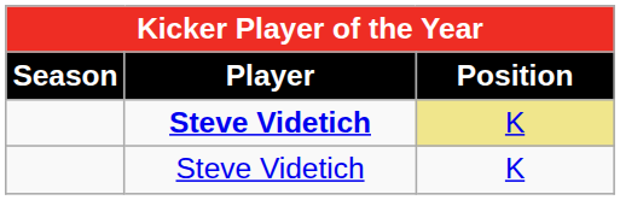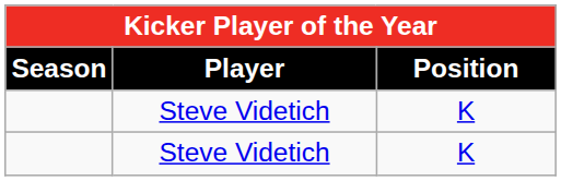 <table class="wikitable sortable" style="text-align:center">
 <tr>
 <td colspan="4" style="background:#EE2D24; color:white;"><strong>Kicker Player of the Year</strong></td>
 </tr>
 <tr>
 <th style="width:50px; background:#000; color:white;">Season</th>
 <th style="width:150px; background:#000; color:white;">Player</th>
 <th style="width:100px; background:#000; color:white;">Position</th>
 </tr>
 <tr>
 <td></td>
-<td><strong><a href='#'>Steve Videtich</a></strong></td>
-<td style="background: khaki;"><a href='#'>K</a></td>
+<td><a href='#'>Steve Videtich</a></td>
+<td><a href='#'>K</a></td>
 </tr>
 <tr>
 <td></td>
 <td><a href='#'>Steve Videtich</a></td>
 <td><a href='#'>K</a></td>
 </tr>
 </table>
